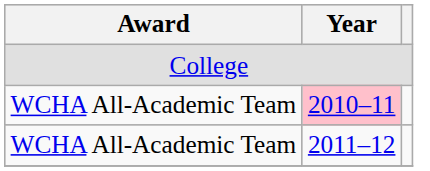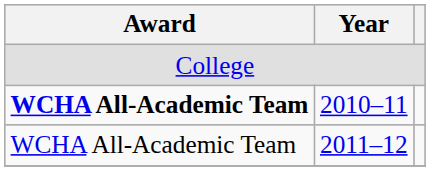 <table class="wikitable">
 <tr>
 <th>Award</th>
 <th>Year</th>
 <th></th>
 </tr>
 <tr ALIGN="center" bgcolor="#e0e0e0">
 <td colspan="3"><a href='#'>College</a></td>
 </tr>
 <tr>
-<td><a href='#'>WCHA</a> All-Academic Team</td>
-<td style="background: pink;"><a href='#'>2010–11</a></td>
+<td><strong><a href='#'>WCHA</a> All-Academic Team</strong></td>
+<td><a href='#'>2010–11</a></td>
 <td></td>
 </tr>
 <tr>
 <td><a href='#'>WCHA</a> All-Academic Team</td>
 <td><a href='#'>2011–12</a></td>
 <td></td>
 </tr>
 <tr>
 </tr>
 </table>
